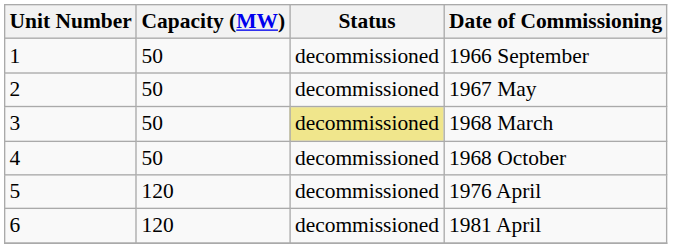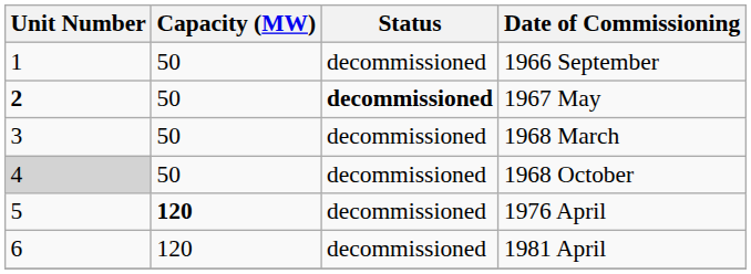 <table class="sortable wikitable">
 <tr>
 <th>Unit Number</th>
 <th>Capacity (<a href='#'>MW</a>)</th>
 <th>Status</th>
 <th>Date of Commissioning</th>
 </tr>
 <tr>
 <td>1</td>
 <td>50</td>
 <td>decommissioned</td>
 <td>1966 September </td>
 </tr>
 <tr>
-<td>2</td>
+<td><strong>2</strong></td>
 <td>50</td>
-<td>decommissioned</td>
+<td><strong>decommissioned</strong></td>
 <td>1967 May</td>
 </tr>
 <tr>
 <td>3</td>
 <td>50</td>
-<td style="background: khaki;">decommissioned</td>
+<td>decommissioned</td>
 <td>1968 March</td>
 </tr>
 <tr>
-<td>4</td>
+<td style="background: lightgrey;">4</td>
 <td>50</td>
 <td>decommissioned</td>
 <td>1968 October</td>
 </tr>
 <tr>
 <td>5</td>
-<td>120</td>
+<td><strong>120</strong></td>
 <td>decommissioned</td>
 <td>1976 April</td>
 </tr>
 <tr>
 <td>6</td>
 <td>120</td>
 <td>decommissioned</td>
 <td>1981 April</td>
 </tr>
 <tr>
 </tr>
 </table>
